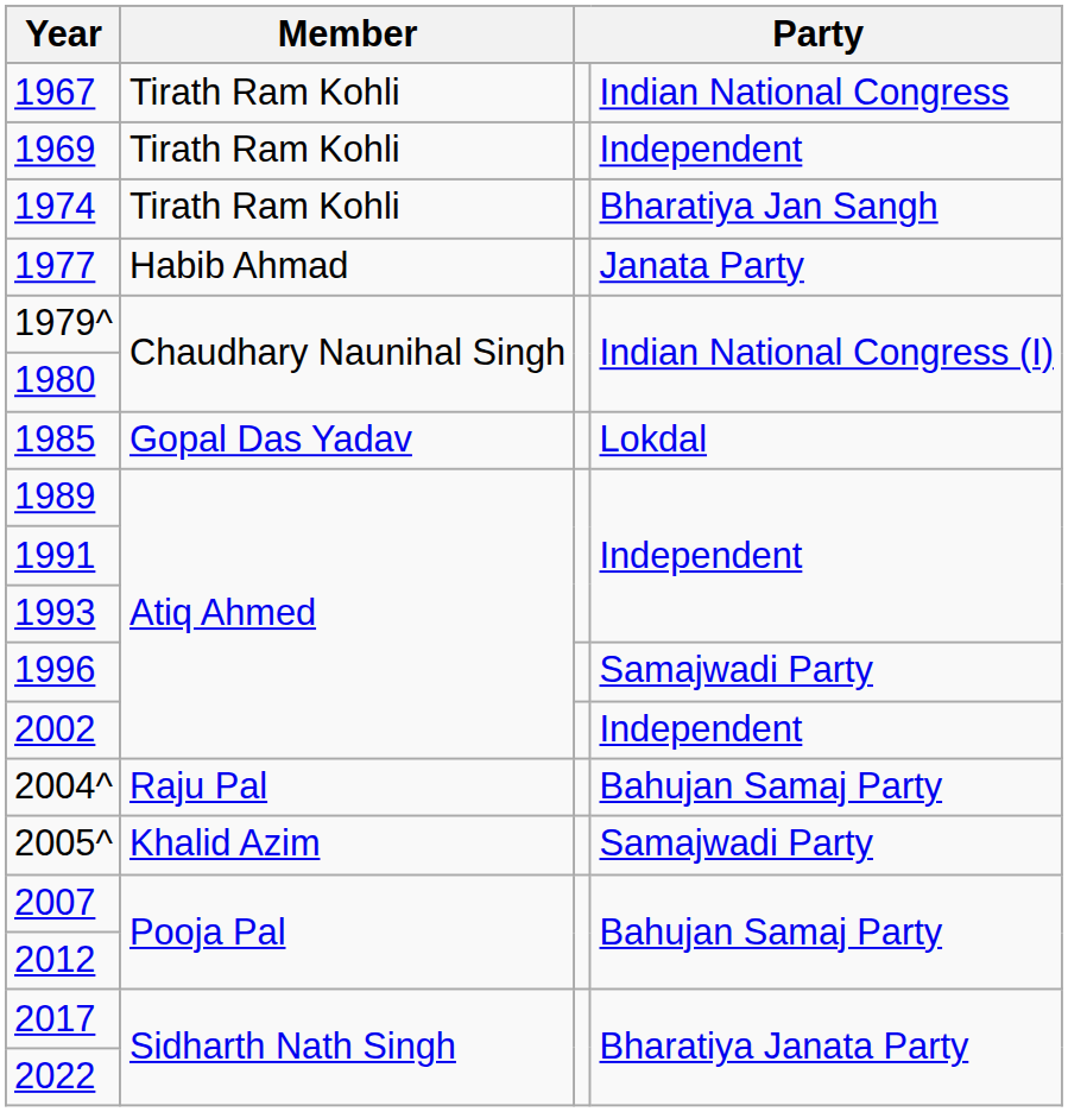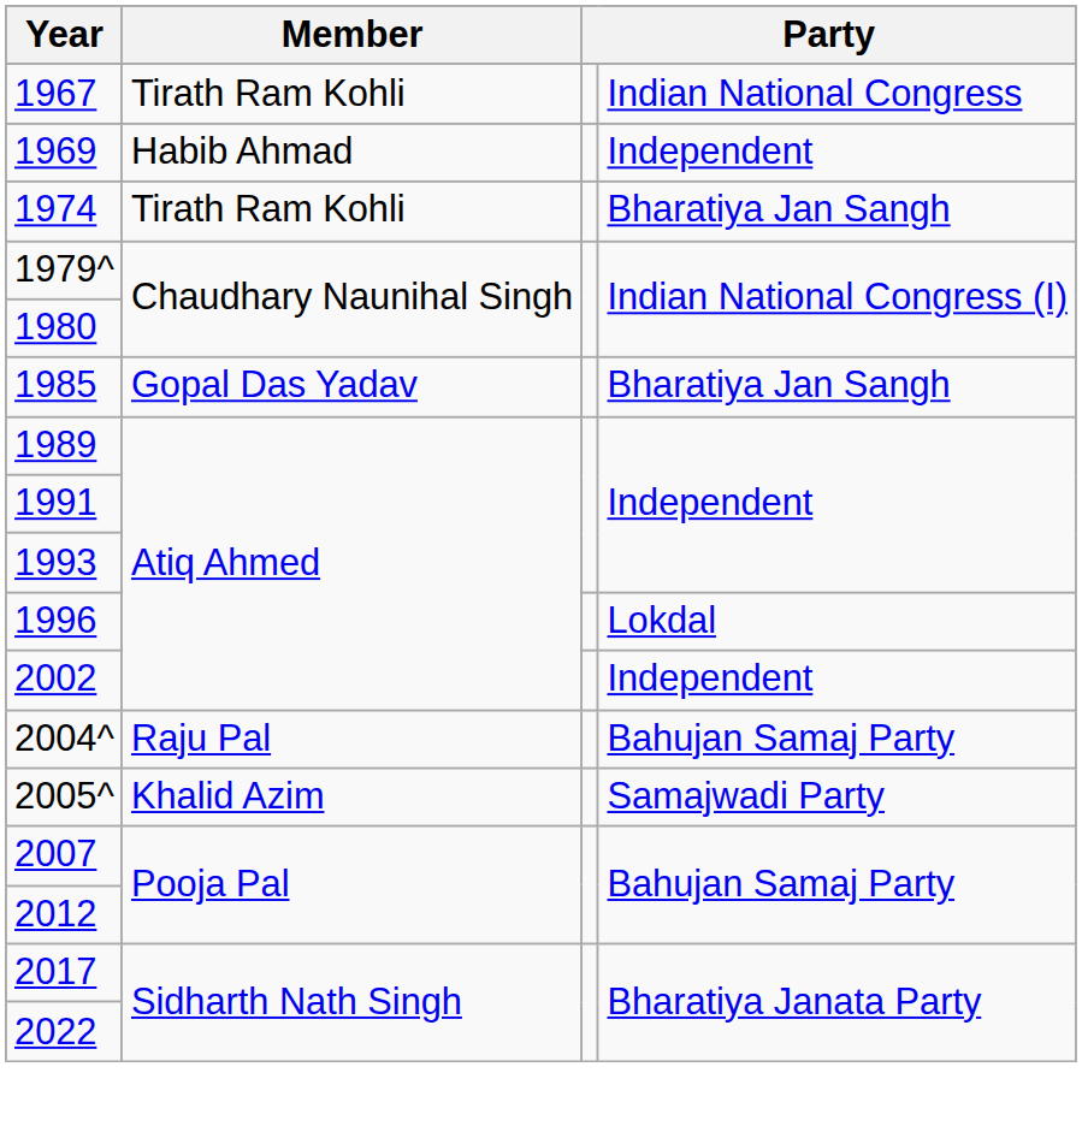 <table class="wikitable">
 <tr>
 <th>Year</th>
 <th>Member</th>
 <th colspan="2">Party</th>
 </tr>
 <tr>
 <td><a href='#'>1967</a></td>
 <td>Tirath Ram Kohli</td>
 <td style="background-color: "></td>
 <td><a href='#'>Indian National Congress</a></td>
 </tr>
 <tr>
 <td><a href='#'>1969</a></td>
-<td>Tirath Ram Kohli</td>
+<td>Habib Ahmad</td>
 <td style="background-color: "></td>
 <td><a href='#'>Independent</a></td>
 </tr>
 <tr>
 <td><a href='#'>1974</a></td>
 <td>Tirath Ram Kohli</td>
 <td style="background-color: "></td>
 <td><a href='#'>Bharatiya Jan Sangh</a></td>
-</tr>
-<tr>
-<td><a href='#'>1977</a></td>
-<td>Habib Ahmad</td>
-<td style="background-color: "></td>
-<td><a href='#'>Janata Party</a></td>
 </tr>
 <tr>
 <td>1979^</td>
 <td rowspan=2>Chaudhary Naunihal Singh</td>
 <td rowspan="2" style="background-color: "></td>
 <td rowspan="2"><a href='#'>Indian National Congress (I)</a></td>
 </tr>
 <tr>
 <td><a href='#'>1980</a></td>
 </tr>
 <tr>
 <td><a href='#'>1985</a></td>
 <td><a href='#'>Gopal Das Yadav</a></td>
 <td style="background-color: "></td>
-<td><a href='#'>Lokdal</a></td>
+<td><a href='#'>Bharatiya Jan Sangh</a></td>
 </tr>
 <tr>
 <td><a href='#'>1989</a></td>
 <td rowspan=5><a href='#'>Atiq Ahmed</a></td>
 <td rowspan="3" style="background-color: "></td>
 <td rowspan="3"><a href='#'>Independent</a></td>
 </tr>
 <tr>
 <td><a href='#'>1991</a></td>
 </tr>
 <tr>
 <td><a href='#'>1993</a></td>
 </tr>
 <tr>
 <td><a href='#'>1996</a></td>
 <td style="background-color: "></td>
-<td><a href='#'>Samajwadi Party</a></td>
+<td><a href='#'>Lokdal</a></td>
 </tr>
 <tr>
 <td><a href='#'>2002</a></td>
 <td style="background-color: "></td>
 <td><a href='#'>Independent</a></td>
 </tr>
 <tr>
 <td>2004^</td>
 <td><a href='#'>Raju Pal</a></td>
 <td style="background-color: "></td>
 <td><a href='#'>Bahujan Samaj Party</a></td>
 </tr>
 <tr>
 <td>2005^</td>
 <td><a href='#'>Khalid Azim</a></td>
 <td style="background-color: "></td>
 <td><a href='#'>Samajwadi Party</a></td>
 </tr>
 <tr>
 <td><a href='#'>2007</a></td>
 <td rowspan=2><a href='#'>Pooja Pal</a></td>
 <td rowspan="2" style="background-color: "></td>
 <td rowspan="2"><a href='#'>Bahujan Samaj Party</a></td>
 </tr>
 <tr>
 <td><a href='#'>2012</a></td>
 </tr>
 <tr>
 <td><a href='#'>2017</a></td>
 <td rowspan=2><a href='#'>Sidharth Nath Singh</a></td>
 <td rowspan="2" style="background-color: "></td>
 <td rowspan="2"><a href='#'>Bharatiya Janata Party</a></td>
 </tr>
 <tr>
 <td><a href='#'>2022</a></td>
 </tr>
 </table>
